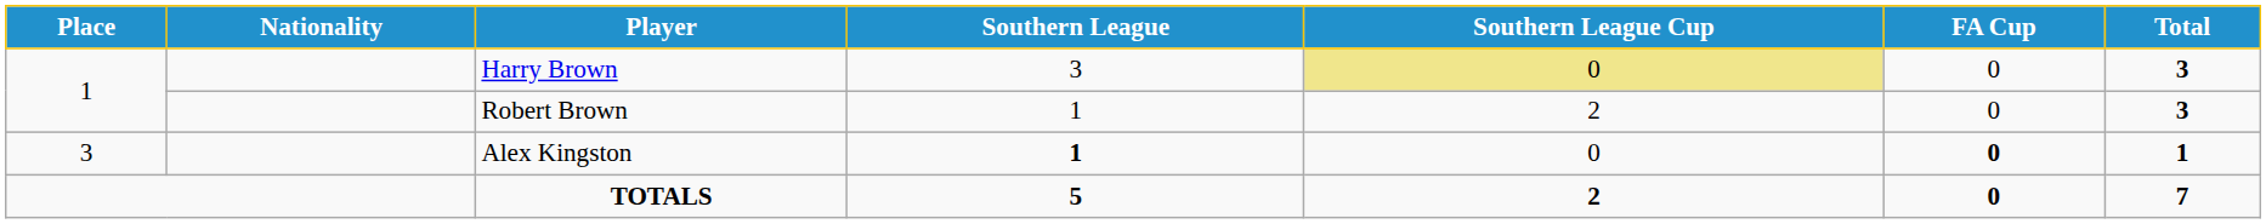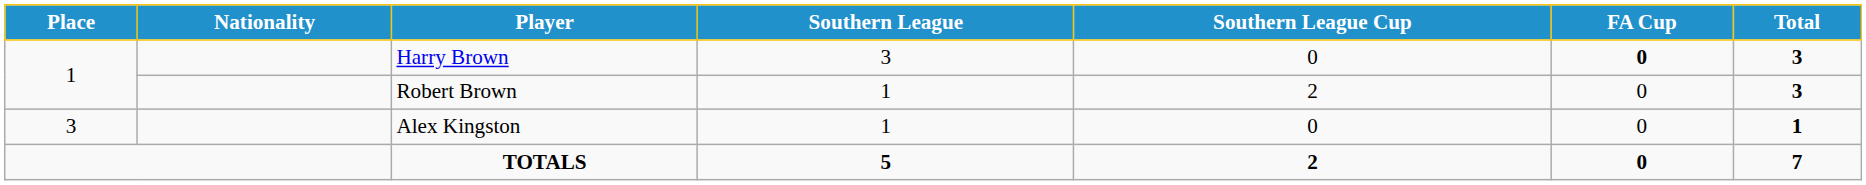 <table class="wikitable" style="text-align:center; font-size:90%; width:100%;">
 <tr>
 <th style="background:#2191CC; color:white; border:1px solid #F7C408; text-align:center;">Place</th>
 <th style="background:#2191CC; color:white; border:1px solid #F7C408; text-align:center;">Nationality</th>
 <th style="background:#2191CC; color:white; border:1px solid #F7C408; text-align:center;">Player</th>
 <th style="background:#2191CC; color:white; border:1px solid #F7C408; text-align:center;">Southern League</th>
 <th style="background:#2191CC; color:white; border:1px solid #F7C408; text-align:center;">Southern League Cup</th>
 <th style="background:#2191CC; color:white; border:1px solid #F7C408; text-align:center;">FA Cup</th>
 <th style="background:#2191CC; color:white; border:1px solid #F7C408; text-align:center;">Total</th>
 </tr>
 <tr>
 <td rowspan="2">1</td>
 <td></td>
 <td align="left"><a href='#'>Harry Brown</a></td>
 <td>3</td>
-<td style="background: khaki;">0</td>
 <td>0</td>
+<td><strong>0</strong></td>
 <td><strong>3</strong></td>
 </tr>
 <tr>
 <td></td>
 <td align="left">Robert Brown</td>
 <td>1</td>
 <td>2</td>
 <td>0</td>
 <td><strong>3</strong></td>
 </tr>
 <tr>
 <td>3</td>
 <td></td>
 <td align="left">Alex Kingston</td>
-<td><strong>1</strong></td>
+<td>1</td>
 <td>0</td>
-<td><strong>0</strong></td>
+<td>0</td>
 <td><strong>1</strong></td>
 </tr>
 <tr>
 <td colspan="2"></td>
 <td><strong>TOTALS</strong></td>
 <td><strong>5</strong></td>
 <td><strong>2</strong></td>
 <td><strong>0</strong></td>
 <td><strong>7</strong></td>
 </tr>
 </table>
